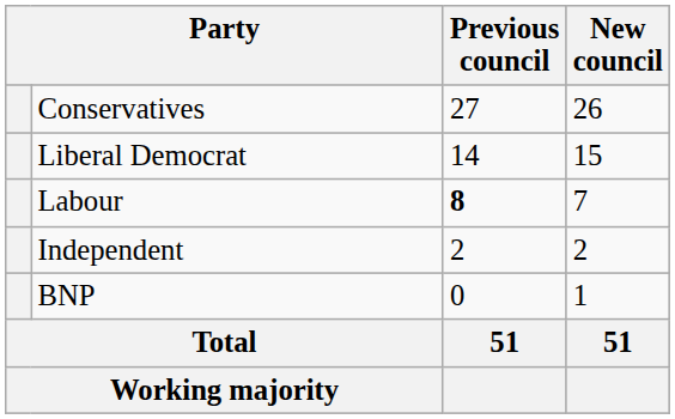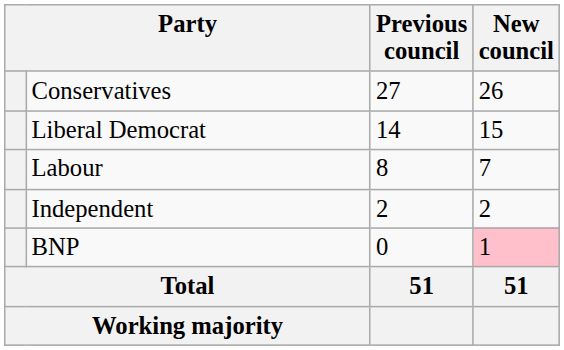 <table class="wikitable">
 <tr>
 <th valign=top colspan="2" style="width: 230px">Party</th>
 <th valign=top style="width: 30px">Previous council</th>
 <th valign=top style="width: 30px">New council</th>
 </tr>
 <tr>
 <th style="background-color: "></th>
 <td>Conservatives</td>
 <td>27</td>
 <td>26</td>
 </tr>
 <tr>
 <th style="background-color: "></th>
 <td>Liberal Democrat</td>
 <td>14</td>
 <td>15</td>
 </tr>
 <tr>
 <th style="background-color: "></th>
 <td>Labour</td>
-<td><strong>8</strong></td>
+<td>8</td>
 <td>7</td>
 </tr>
 <tr>
 <th style="background-color: "></th>
 <td>Independent</td>
 <td>2</td>
 <td>2</td>
 </tr>
 <tr>
 <th style="background-color: "></th>
 <td>BNP</td>
 <td>0</td>
-<td>1</td>
+<td style="background: pink;">1</td>
 </tr>
 <tr>
 <th colspan=2>Total</th>
 <th style="text-align: center">51</th>
 <th colspan=3>51</th>
 </tr>
 <tr>
 <th colspan=2>Working majority</th>
 <th></th>
 <th></th>
 </tr>
 </table>
